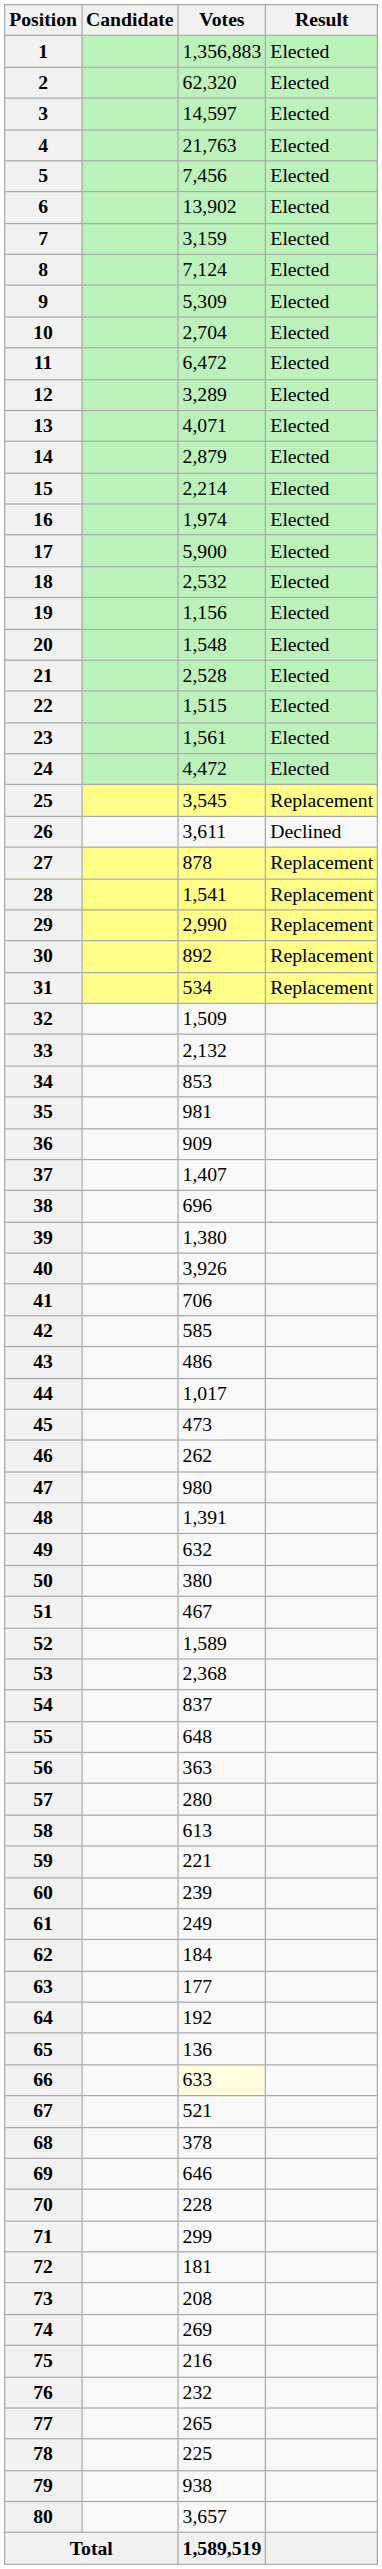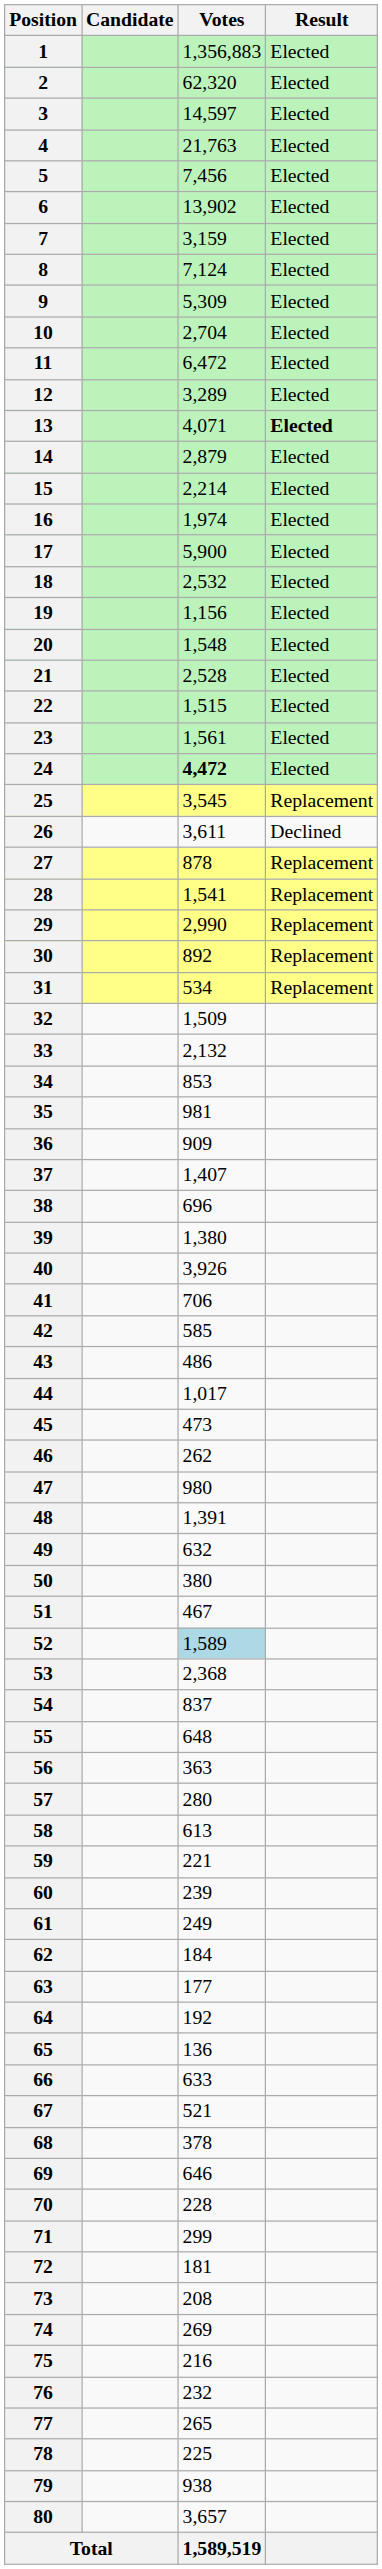 <table class="wikitable sortable col3right">
 <tr>
 <th scope="col">Position</th>
 <th scope="col">Candidate</th>
 <th scope="col">Votes</th>
 <th scope="col">Result</th>
 </tr>
 <tr bgcolor=bbf3bb>
 <th scope="row">1</th>
 <td></td>
 <td>1,356,883</td>
 <td>Elected</td>
 </tr>
 <tr bgcolor=bbf3bb>
 <th scope="row">2</th>
 <td></td>
 <td>62,320</td>
 <td>Elected</td>
 </tr>
 <tr bgcolor=bbf3bb>
 <th scope="row">3</th>
 <td></td>
 <td>14,597</td>
 <td>Elected</td>
 </tr>
 <tr bgcolor=bbf3bb>
 <th scope="row">4</th>
 <td></td>
 <td>21,763</td>
 <td>Elected</td>
 </tr>
 <tr bgcolor=bbf3bb>
 <th scope="row">5</th>
 <td></td>
 <td>7,456</td>
 <td>Elected</td>
 </tr>
 <tr bgcolor=bbf3bb>
 <th scope="row">6</th>
 <td></td>
 <td>13,902</td>
 <td>Elected</td>
 </tr>
 <tr bgcolor=bbf3bb>
 <th scope="row">7</th>
 <td></td>
 <td>3,159</td>
 <td>Elected</td>
 </tr>
 <tr bgcolor=bbf3bb>
 <th scope="row">8</th>
 <td></td>
 <td>7,124</td>
 <td>Elected</td>
 </tr>
 <tr bgcolor=bbf3bb>
 <th scope="row">9</th>
 <td></td>
 <td>5,309</td>
 <td>Elected</td>
 </tr>
 <tr bgcolor=bbf3bb>
 <th scope="row">10</th>
 <td></td>
 <td>2,704</td>
 <td>Elected</td>
 </tr>
 <tr bgcolor=bbf3bb>
 <th scope="row">11</th>
 <td></td>
 <td>6,472</td>
 <td>Elected</td>
 </tr>
 <tr bgcolor=bbf3bb>
 <th scope="row">12</th>
 <td></td>
 <td>3,289</td>
 <td>Elected</td>
 </tr>
 <tr bgcolor=bbf3bb>
 <th scope="row">13</th>
 <td></td>
 <td>4,071</td>
-<td>Elected</td>
+<td><strong>Elected</strong></td>
 </tr>
 <tr bgcolor=bbf3bb>
 <th scope="row">14</th>
 <td></td>
 <td>2,879</td>
 <td>Elected</td>
 </tr>
 <tr bgcolor=bbf3bb>
 <th scope="row">15</th>
 <td></td>
 <td>2,214</td>
 <td>Elected</td>
 </tr>
 <tr bgcolor=bbf3bb>
 <th scope="row">16</th>
 <td></td>
 <td>1,974</td>
 <td>Elected</td>
 </tr>
 <tr bgcolor=bbf3bb>
 <th scope="row">17</th>
 <td></td>
 <td>5,900</td>
 <td>Elected</td>
 </tr>
 <tr bgcolor=bbf3bb>
 <th scope="row">18</th>
 <td></td>
 <td>2,532</td>
 <td>Elected</td>
 </tr>
 <tr bgcolor=bbf3bb>
 <th scope="row">19</th>
 <td></td>
 <td>1,156</td>
 <td>Elected</td>
 </tr>
 <tr bgcolor=bbf3bb>
 <th scope="row">20</th>
 <td></td>
 <td>1,548</td>
 <td>Elected</td>
 </tr>
 <tr bgcolor=bbf3bb>
 <th scope="row">21</th>
 <td></td>
 <td>2,528</td>
 <td>Elected</td>
 </tr>
 <tr bgcolor=bbf3bb>
 <th scope="row">22</th>
 <td></td>
 <td>1,515</td>
 <td>Elected</td>
 </tr>
 <tr bgcolor=bbf3bb>
 <th scope="row">23</th>
 <td></td>
 <td>1,561</td>
 <td>Elected</td>
 </tr>
 <tr bgcolor=bbf3bb>
 <th scope="row">24</th>
 <td></td>
-<td>4,472</td>
+<td><strong>4,472</strong></td>
 <td>Elected</td>
 </tr>
 <tr bgcolor=#FF8>
 <th scope="row">25</th>
 <td></td>
 <td>3,545</td>
 <td>Replacement</td>
 </tr>
 <tr>
 <th scope="row">26</th>
 <td></td>
 <td>3,611</td>
 <td>Declined</td>
 </tr>
 <tr bgcolor=#FF8>
 <th scope="row">27</th>
 <td></td>
 <td>878</td>
 <td>Replacement</td>
 </tr>
 <tr bgcolor=#FF8>
 <th scope="row">28</th>
 <td></td>
 <td>1,541</td>
 <td>Replacement</td>
 </tr>
 <tr bgcolor=#FF8>
 <th scope="row">29</th>
 <td></td>
 <td>2,990</td>
 <td>Replacement</td>
 </tr>
 <tr bgcolor=#FF8>
 <th scope="row">30</th>
 <td></td>
 <td>892</td>
 <td>Replacement</td>
 </tr>
 <tr bgcolor=#FF8>
 <th scope="row">31</th>
 <td></td>
 <td>534</td>
 <td>Replacement</td>
 </tr>
 <tr>
 <th scope="row">32</th>
 <td></td>
 <td>1,509</td>
 <td></td>
 </tr>
 <tr>
 <th scope="row">33</th>
 <td></td>
 <td>2,132</td>
 <td></td>
 </tr>
 <tr>
 <th scope="row">34</th>
 <td></td>
 <td>853</td>
 <td></td>
 </tr>
 <tr>
 <th scope="row">35</th>
 <td></td>
 <td>981</td>
 <td></td>
 </tr>
 <tr>
 <th scope="row">36</th>
 <td></td>
 <td>909</td>
 <td></td>
 </tr>
 <tr>
 <th scope="row">37</th>
 <td></td>
 <td>1,407</td>
 <td></td>
 </tr>
 <tr>
 <th scope="row">38</th>
 <td></td>
 <td>696</td>
 <td></td>
 </tr>
 <tr>
 <th scope="row">39</th>
 <td></td>
 <td>1,380</td>
 <td></td>
 </tr>
 <tr>
 <th scope="row">40</th>
 <td></td>
 <td>3,926</td>
 <td></td>
 </tr>
 <tr>
 <th scope="row">41</th>
 <td></td>
 <td>706</td>
 <td></td>
 </tr>
 <tr>
 <th scope="row">42</th>
 <td></td>
 <td>585</td>
 <td></td>
 </tr>
 <tr>
 <th scope="row">43</th>
 <td></td>
 <td>486</td>
 <td></td>
 </tr>
 <tr>
 <th scope="row">44</th>
 <td></td>
 <td>1,017</td>
 <td></td>
 </tr>
 <tr>
 <th scope="row">45</th>
 <td></td>
 <td>473</td>
 <td></td>
 </tr>
 <tr>
 <th scope="row">46</th>
 <td></td>
 <td>262</td>
 <td></td>
 </tr>
 <tr>
 <th scope="row">47</th>
 <td></td>
 <td>980</td>
 <td></td>
 </tr>
 <tr>
 <th scope="row">48</th>
 <td></td>
 <td>1,391</td>
 <td></td>
 </tr>
 <tr>
 <th scope="row">49</th>
 <td></td>
 <td>632</td>
 <td></td>
 </tr>
 <tr>
 <th scope="row">50</th>
 <td></td>
 <td>380</td>
 <td></td>
 </tr>
 <tr>
 <th scope="row">51</th>
 <td></td>
 <td>467</td>
 <td></td>
 </tr>
 <tr>
 <th scope="row">52</th>
 <td></td>
-<td>1,589</td>
+<td style="background: lightblue;">1,589</td>
 <td></td>
 </tr>
 <tr>
 <th scope="row">53</th>
 <td></td>
 <td>2,368</td>
 <td></td>
 </tr>
 <tr>
 <th scope="row">54</th>
 <td></td>
 <td>837</td>
 <td></td>
 </tr>
 <tr>
 <th scope="row">55</th>
 <td></td>
 <td>648</td>
 <td></td>
 </tr>
 <tr>
 <th scope="row">56</th>
 <td></td>
 <td>363</td>
 <td></td>
 </tr>
 <tr>
 <th scope="row">57</th>
 <td></td>
 <td>280</td>
 <td></td>
 </tr>
 <tr>
 <th scope="row">58</th>
 <td></td>
 <td>613</td>
 <td></td>
 </tr>
 <tr>
 <th scope="row">59</th>
 <td></td>
 <td>221</td>
 <td></td>
 </tr>
 <tr>
 <th scope="row">60</th>
 <td></td>
 <td>239</td>
 <td></td>
 </tr>
 <tr>
 <th scope="row">61</th>
 <td></td>
 <td>249</td>
 <td></td>
 </tr>
 <tr>
 <th scope="row">62</th>
 <td></td>
 <td>184</td>
 <td></td>
 </tr>
 <tr>
 <th scope="row">63</th>
 <td></td>
 <td>177</td>
 <td></td>
 </tr>
 <tr>
 <th scope="row">64</th>
 <td></td>
 <td>192</td>
 <td></td>
 </tr>
 <tr>
 <th scope="row">65</th>
 <td></td>
 <td>136</td>
 <td></td>
 </tr>
 <tr>
 <th scope="row">66</th>
 <td></td>
-<td style="background: lightyellow;">633</td>
+<td>633</td>
 <td></td>
 </tr>
 <tr>
 <th scope="row">67</th>
 <td></td>
 <td>521</td>
 <td></td>
 </tr>
 <tr>
 <th scope="row">68</th>
 <td></td>
 <td>378</td>
 <td></td>
 </tr>
 <tr>
 <th scope="row">69</th>
 <td></td>
 <td>646</td>
 <td></td>
 </tr>
 <tr>
 <th scope="row">70</th>
 <td></td>
 <td>228</td>
 <td></td>
 </tr>
 <tr>
 <th scope="row">71</th>
 <td></td>
 <td>299</td>
 <td></td>
 </tr>
 <tr>
 <th scope="row">72</th>
 <td></td>
 <td>181</td>
 <td></td>
 </tr>
 <tr>
 <th scope="row">73</th>
 <td></td>
 <td>208</td>
 <td></td>
 </tr>
 <tr>
 <th scope="row">74</th>
 <td></td>
 <td>269</td>
 <td></td>
 </tr>
 <tr>
 <th scope="row">75</th>
 <td></td>
 <td>216</td>
 <td></td>
 </tr>
 <tr>
 <th scope="row">76</th>
 <td></td>
 <td>232</td>
 <td></td>
 </tr>
 <tr>
 <th scope="row">77</th>
 <td></td>
 <td>265</td>
 <td></td>
 </tr>
 <tr>
 <th scope="row">78</th>
 <td></td>
 <td>225</td>
 <td></td>
 </tr>
 <tr>
 <th scope="row">79</th>
 <td></td>
 <td>938</td>
 <td></td>
 </tr>
 <tr>
 <th scope="row">80</th>
 <td></td>
 <td>3,657</td>
 <td></td>
 </tr>
 <tr class=sortbottom>
 <th scope="row" colspan="2">Total</th>
 <th style="text-align:right">1,589,519</th>
 <th></th>
 </tr>
 </table>
